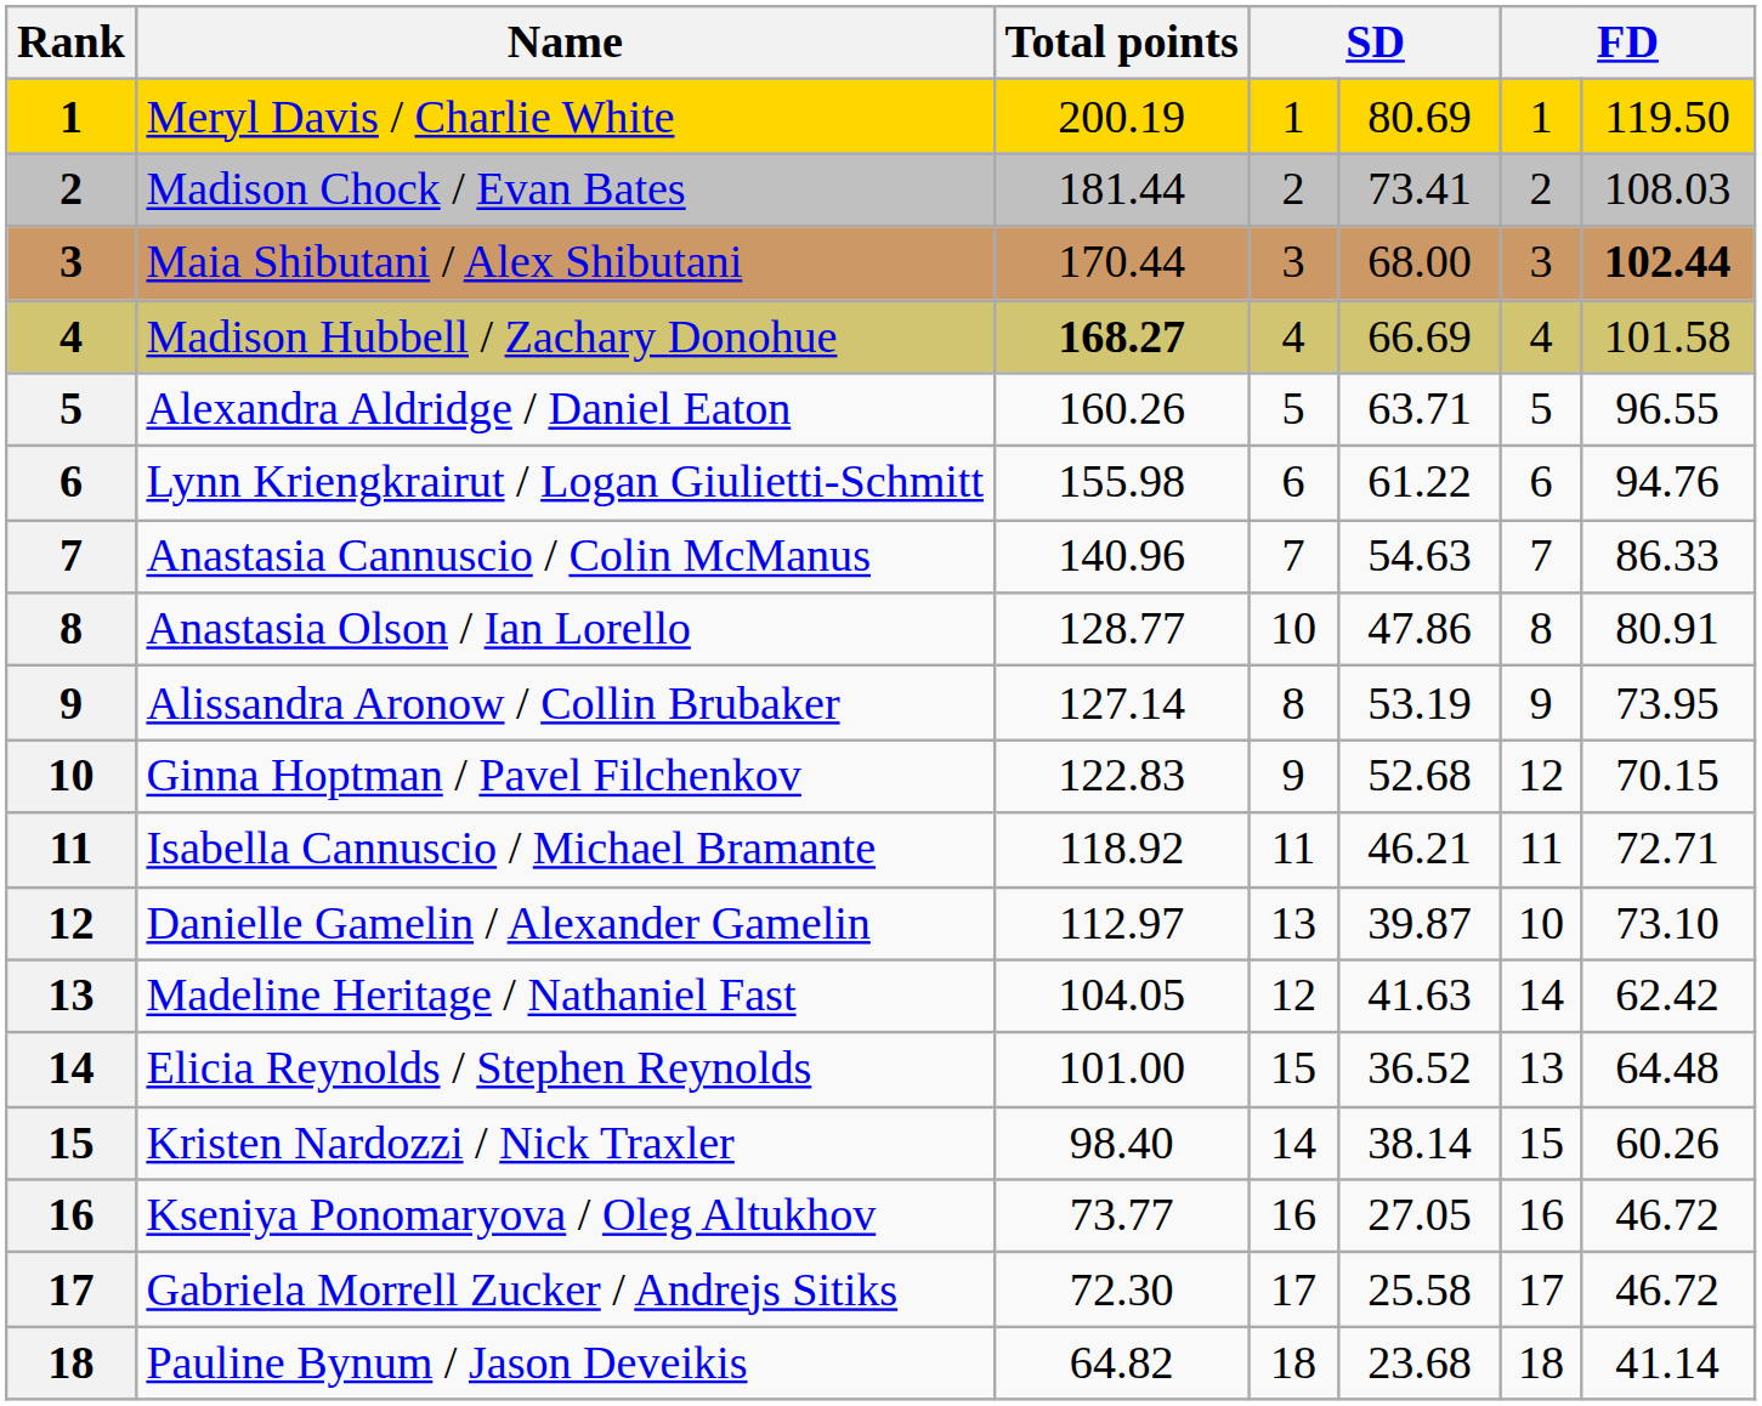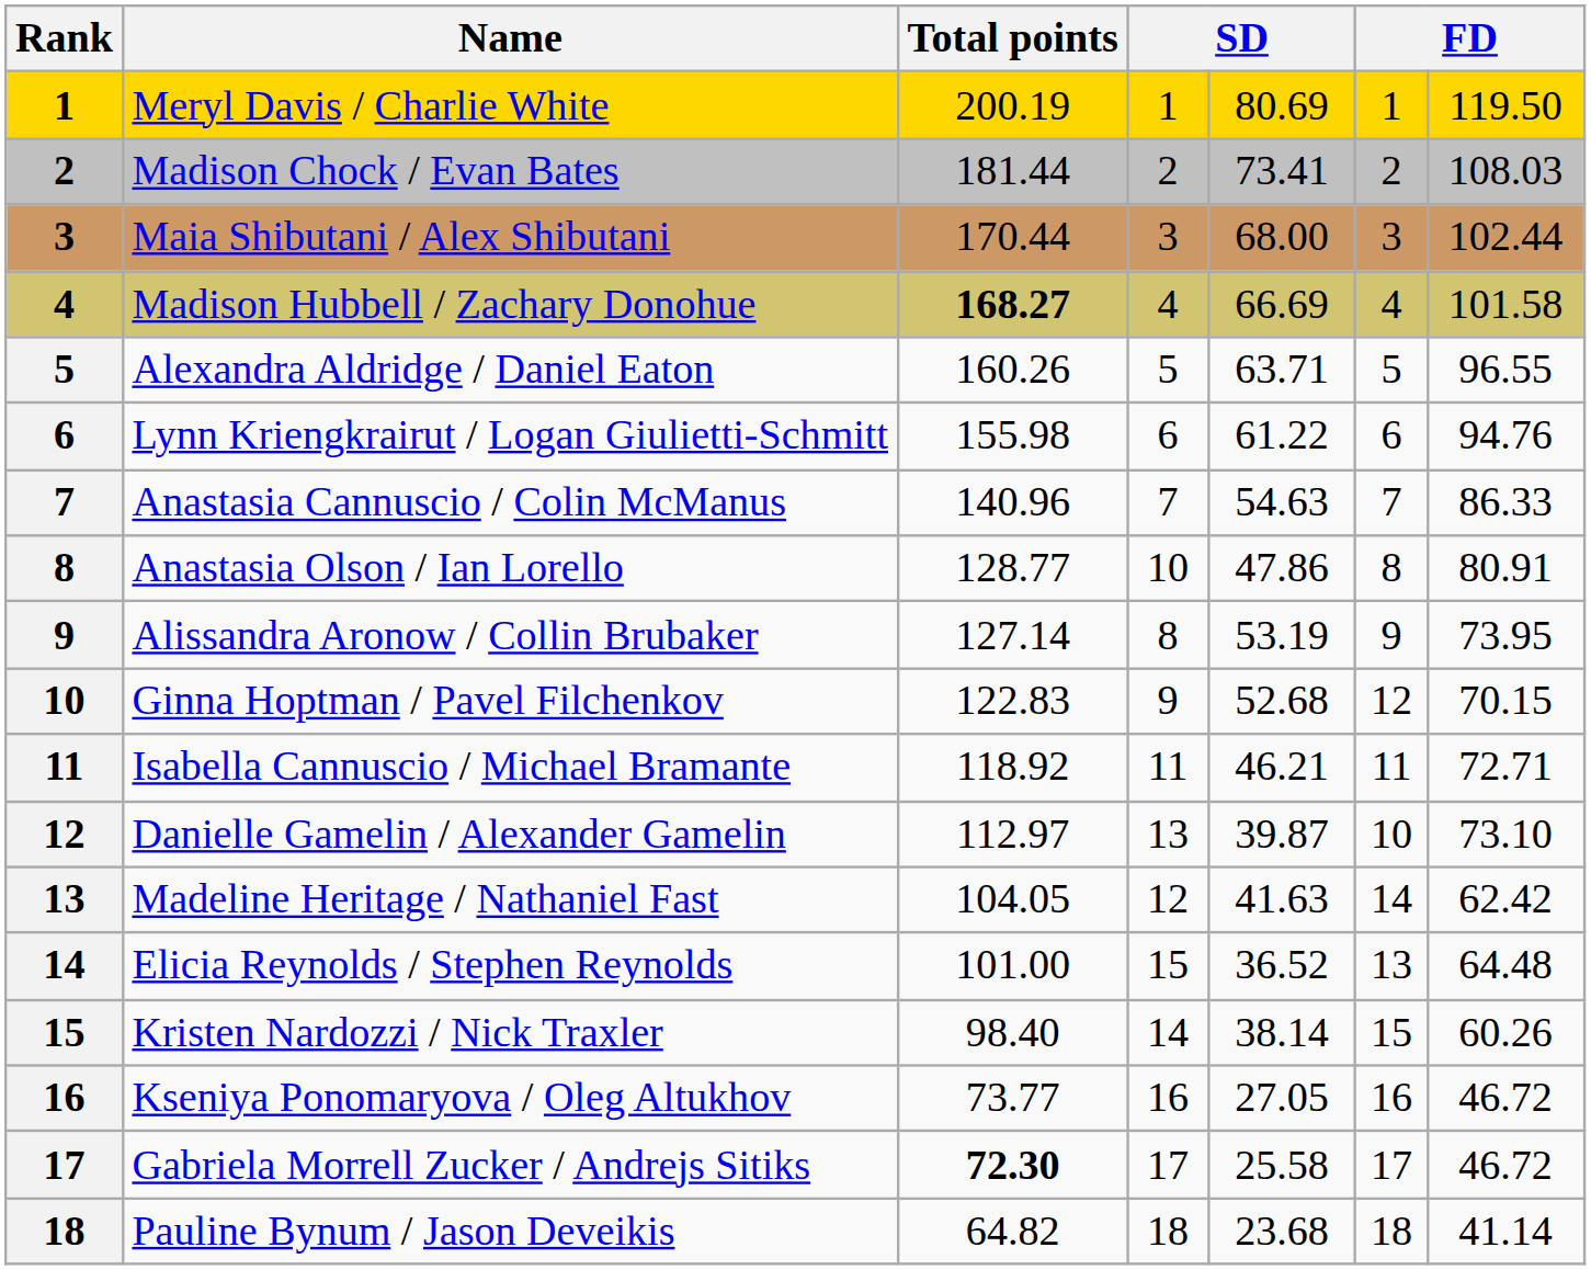 <table class="wikitable sortable">
 <tr>
 <th>Rank</th>
 <th>Name</th>
 <th>Total points</th>
 <th colspan="2" width="80px"><a href='#'>SD</a></th>
 <th colspan="2" width="80px"><a href='#'>FD</a></th>
 </tr>
 <tr bgcolor="gold">
 <td align="center"><strong>1</strong></td>
 <td><a href='#'>Meryl Davis</a> / <a href='#'> Charlie White</a></td>
 <td align="center">200.19</td>
 <td align="center">1</td>
 <td align="center">80.69</td>
 <td align="center">1</td>
 <td align="center">119.50</td>
 </tr>
 <tr bgcolor="silver">
 <td align="center"><strong>2</strong></td>
 <td><a href='#'>Madison Chock</a> / <a href='#'>Evan Bates</a></td>
 <td align="center">181.44</td>
 <td align="center">2</td>
 <td align="center">73.41</td>
 <td align="center">2</td>
 <td align="center">108.03</td>
 </tr>
 <tr bgcolor="cc9966">
 <td align="center"><strong>3</strong></td>
 <td><a href='#'>Maia Shibutani</a> / <a href='#'>Alex Shibutani</a></td>
 <td align="center">170.44</td>
 <td align="center">3</td>
 <td align="center">68.00</td>
 <td align="center">3</td>
-<td align="center"><strong>102.44</strong></td>
+<td align="center">102.44</td>
 </tr>
 <tr bgcolor="#d1c571">
 <td align="center"><strong>4</strong></td>
 <td><a href='#'>Madison Hubbell</a> / <a href='#'>Zachary Donohue</a></td>
 <td align="center"><strong>168.27</strong></td>
 <td align="center">4</td>
 <td align="center">66.69</td>
 <td align="center">4</td>
 <td align="center">101.58</td>
 </tr>
 <tr>
 <th>5</th>
 <td><a href='#'>Alexandra Aldridge</a> / <a href='#'>Daniel Eaton</a></td>
 <td align="center">160.26</td>
 <td align="center">5</td>
 <td align="center">63.71</td>
 <td align="center">5</td>
 <td align="center">96.55</td>
 </tr>
 <tr>
 <th>6</th>
 <td><a href='#'>Lynn Kriengkrairut</a> / <a href='#'>Logan Giulietti-Schmitt</a></td>
 <td align="center">155.98</td>
 <td align="center">6</td>
 <td align="center">61.22</td>
 <td align="center">6</td>
 <td align="center">94.76</td>
 </tr>
 <tr>
 <th>7</th>
 <td><a href='#'>Anastasia Cannuscio</a> / <a href='#'>Colin McManus</a></td>
 <td align="center">140.96</td>
 <td align="center">7</td>
 <td align="center">54.63</td>
 <td align="center">7</td>
 <td align="center">86.33</td>
 </tr>
 <tr>
 <th>8</th>
 <td><a href='#'>Anastasia Olson</a> / <a href='#'>Ian Lorello</a></td>
 <td align="center">128.77</td>
 <td align="center">10</td>
 <td align="center">47.86</td>
 <td align="center">8</td>
 <td align="center">80.91</td>
 </tr>
 <tr>
 <th>9</th>
 <td><a href='#'>Alissandra Aronow</a> / <a href='#'>Collin Brubaker</a></td>
 <td align="center">127.14</td>
 <td align="center">8</td>
 <td align="center">53.19</td>
 <td align="center">9</td>
 <td align="center">73.95</td>
 </tr>
 <tr>
 <th>10</th>
 <td><a href='#'>Ginna Hoptman</a> / <a href='#'>Pavel Filchenkov</a></td>
 <td align="center">122.83</td>
 <td align="center">9</td>
 <td align="center">52.68</td>
 <td align="center">12</td>
 <td align="center">70.15</td>
 </tr>
 <tr>
 <th>11</th>
 <td><a href='#'>Isabella Cannuscio</a> / <a href='#'>Michael Bramante</a></td>
 <td align="center">118.92</td>
 <td align="center">11</td>
 <td align="center">46.21</td>
 <td align="center">11</td>
 <td align="center">72.71</td>
 </tr>
 <tr>
 <th>12</th>
 <td><a href='#'>Danielle Gamelin</a> / <a href='#'>Alexander Gamelin</a></td>
 <td align="center">112.97</td>
 <td align="center">13</td>
 <td align="center">39.87</td>
 <td align="center">10</td>
 <td align="center">73.10</td>
 </tr>
 <tr>
 <th>13</th>
 <td><a href='#'>Madeline Heritage</a> / <a href='#'>Nathaniel Fast</a></td>
 <td align="center">104.05</td>
 <td align="center">12</td>
 <td align="center">41.63</td>
 <td align="center">14</td>
 <td align="center">62.42</td>
 </tr>
 <tr>
 <th>14</th>
 <td><a href='#'>Elicia Reynolds</a> / <a href='#'>Stephen Reynolds</a></td>
 <td align="center">101.00</td>
 <td align="center">15</td>
 <td align="center">36.52</td>
 <td align="center">13</td>
 <td align="center">64.48</td>
 </tr>
 <tr>
 <th>15</th>
 <td><a href='#'>Kristen Nardozzi</a> / <a href='#'>Nick Traxler</a></td>
 <td align="center">98.40</td>
 <td align="center">14</td>
 <td align="center">38.14</td>
 <td align="center">15</td>
 <td align="center">60.26</td>
 </tr>
 <tr>
 <th>16</th>
 <td><a href='#'>Kseniya Ponomaryova</a> / <a href='#'>Oleg Altukhov</a></td>
 <td align="center">73.77</td>
 <td align="center">16</td>
 <td align="center">27.05</td>
 <td align="center">16</td>
 <td align="center">46.72</td>
 </tr>
 <tr>
 <th>17</th>
 <td><a href='#'>Gabriela Morrell Zucker</a> / <a href='#'>Andrejs Sitiks</a></td>
-<td align="center">72.30</td>
+<td align="center"><strong>72.30</strong></td>
 <td align="center">17</td>
 <td align="center">25.58</td>
 <td align="center">17</td>
 <td align="center">46.72</td>
 </tr>
 <tr>
 <th>18</th>
 <td><a href='#'>Pauline Bynum</a> / <a href='#'>Jason Deveikis</a></td>
 <td align="center">64.82</td>
 <td align="center">18</td>
 <td align="center">23.68</td>
 <td align="center">18</td>
 <td align="center">41.14</td>
 </tr>
 </table>
